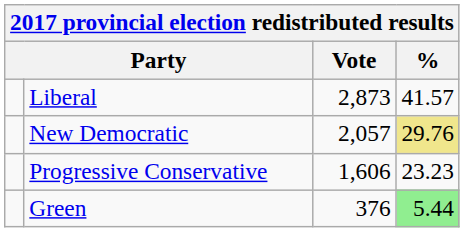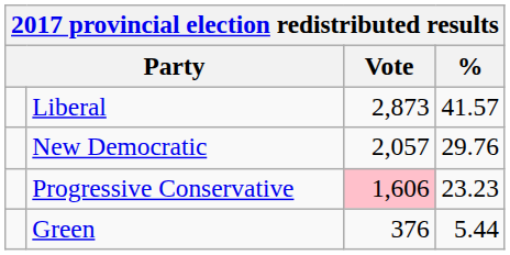 <table class="wikitable">
 <tr>
 <th colspan="4"><a href='#'>2017 provincial election</a> redistributed results</th>
 </tr>
 <tr>
 <th bgcolor="#DDDDFF" width="130px" colspan="2">Party</th>
 <th bgcolor="#DDDDFF" width="50px">Vote</th>
 <th bgcolor="#DDDDFF" width="30px">%</th>
 </tr>
 <tr>
 <td> </td>
 <td><a href='#'>Liberal</a></td>
 <td align=right>2,873</td>
 <td align=right>41.57</td>
 </tr>
 <tr>
 <td> </td>
 <td><a href='#'>New Democratic</a></td>
 <td align=right>2,057</td>
-<td align=right style="background: khaki;">29.76</td>
+<td align=right>29.76</td>
 </tr>
 <tr>
 <td> </td>
 <td><a href='#'>Progressive Conservative</a></td>
-<td align=right>1,606</td>
+<td align=right style="background: pink;">1,606</td>
 <td align=right>23.23</td>
 </tr>
 <tr>
 <td> </td>
 <td><a href='#'>Green</a></td>
 <td align=right>376</td>
-<td align=right style="background: lightgreen;">5.44</td>
+<td align=right>5.44</td>
 </tr>
 </table>
